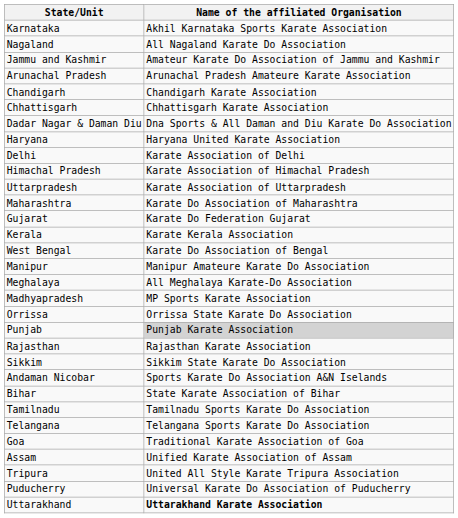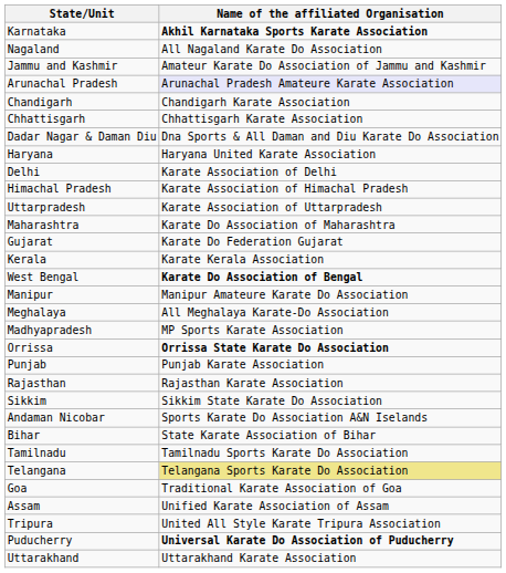 <table class="wikitable sortable">
 <tr>
 <th>State/Unit</th>
 <th>Name of the affiliated Organisation</th>
 </tr>
 <tr>
 <td>Karnataka</td>
-<td>Akhil Karnataka Sports Karate Association</td>
+<td><strong>Akhil Karnataka Sports Karate Association</strong></td>
 </tr>
 <tr>
 <td>Nagaland</td>
 <td>All Nagaland Karate Do Association</td>
 </tr>
 <tr>
 <td>Jammu and Kashmir</td>
 <td>Amateur Karate Do Association of Jammu and Kashmir</td>
 </tr>
 <tr>
 <td>Arunachal Pradesh</td>
-<td>Arunachal Pradesh Amateure Karate Association</td>
+<td style="background: lavender;">Arunachal Pradesh Amateure Karate Association</td>
 </tr>
 <tr>
 <td>Chandigarh</td>
 <td>Chandigarh Karate Association</td>
 </tr>
 <tr>
 <td>Chhattisgarh</td>
 <td>Chhattisgarh Karate Association</td>
 </tr>
 <tr>
 <td>Dadar Nagar & Daman Diu</td>
 <td>Dna Sports & All Daman and Diu Karate Do Association</td>
 </tr>
 <tr>
 <td>Haryana</td>
 <td>Haryana United Karate Association</td>
 </tr>
 <tr>
 <td>Delhi</td>
 <td>Karate Association of Delhi</td>
 </tr>
 <tr>
 <td>Himachal Pradesh</td>
 <td>Karate Association of Himachal Pradesh</td>
 </tr>
 <tr>
 <td>Uttarpradesh</td>
 <td>Karate Association of Uttarpradesh</td>
 </tr>
 <tr>
 <td>Maharashtra</td>
 <td>Karate Do Association of Maharashtra</td>
 </tr>
 <tr>
 <td>Gujarat</td>
 <td>Karate Do Federation Gujarat</td>
 </tr>
 <tr>
 <td>Kerala</td>
 <td>Karate Kerala Association</td>
 </tr>
 <tr>
 <td>West Bengal</td>
-<td>Karate Do Association of Bengal</td>
+<td><strong>Karate Do Association of Bengal</strong></td>
 </tr>
 <tr>
 <td>Manipur</td>
 <td>Manipur Amateure Karate Do Association</td>
 </tr>
 <tr>
 <td>Meghalaya</td>
 <td>All Meghalaya Karate-Do Association</td>
 </tr>
 <tr>
 <td>Madhyapradesh</td>
 <td>MP Sports Karate Association</td>
 </tr>
 <tr>
 <td>Orrissa</td>
-<td>Orrissa State Karate Do Association</td>
+<td><strong>Orrissa State Karate Do Association</strong></td>
 </tr>
 <tr>
 <td>Punjab</td>
-<td style="background: lightgrey;">Punjab Karate Association</td>
+<td>Punjab Karate Association</td>
 </tr>
 <tr>
 <td>Rajasthan</td>
 <td>Rajasthan Karate Association</td>
 </tr>
 <tr>
 <td>Sikkim</td>
 <td>Sikkim State Karate Do Association</td>
 </tr>
 <tr>
 <td>Andaman Nicobar</td>
 <td>Sports Karate Do Association A&N Iselands</td>
 </tr>
 <tr>
 <td>Bihar</td>
 <td>State Karate Association of Bihar</td>
 </tr>
 <tr>
 <td>Tamilnadu</td>
 <td>Tamilnadu Sports Karate Do Association</td>
 </tr>
 <tr>
 <td>Telangana</td>
-<td>Telangana Sports Karate Do Association</td>
+<td style="background: khaki;">Telangana Sports Karate Do Association</td>
 </tr>
 <tr>
 <td>Goa</td>
 <td>Traditional Karate Association of Goa</td>
 </tr>
 <tr>
 <td>Assam</td>
 <td>Unified Karate Association of Assam</td>
 </tr>
 <tr>
 <td>Tripura</td>
 <td>United All Style Karate Tripura Association</td>
 </tr>
 <tr>
 <td>Puducherry</td>
-<td>Universal Karate Do Association of Puducherry</td>
+<td><strong>Universal Karate Do Association of Puducherry</strong></td>
 </tr>
 <tr>
 <td>Uttarakhand</td>
-<td><strong>Uttarakhand Karate Association</strong></td>
+<td>Uttarakhand Karate Association</td>
 </tr>
 </table>
